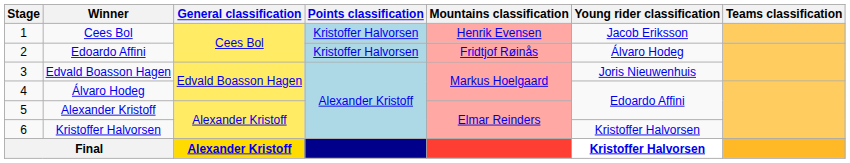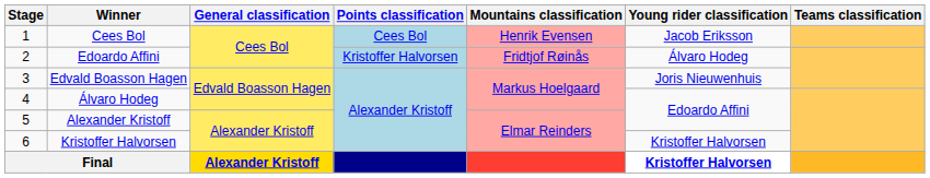 <table class="wikitable" style="text-align: center; font-size:smaller;">
 <tr style="background:#efefef;">
 <th scope="col">Stage</th>
 <th scope="col">Winner</th>
 <th scope="col"><a href='#'>General classification</a><br></th>
 <th scope="col"><a href='#'>Points classification</a><br></th>
 <th scope="col">Mountains classification<br></th>
 <th scope="col">Young rider classification<br></th>
 <th scope="col">Teams classification<br></th>
 </tr>
 <tr>
 <td scope="row">1</td>
 <td><a href='#'>Cees Bol</a></td>
 <td style="background:#FFEB64;" rowspan=2><a href='#'>Cees Bol</a></td>
-<td style="background:lightblue;"><a href='#'>Kristoffer Halvorsen</a></td>
+<td style="background:lightblue;"><a href='#'>Cees Bol</a></td>
 <td style="background:#FFA8A4;"><a href='#'>Henrik Evensen</a></td>
 <td style="background:offwhite;"><a href='#'>Jacob Eriksson</a></td>
 <td style="background:#FFCD5F;"></td>
 </tr>
 <tr>
 <td scope="row">2</td>
 <td><a href='#'>Edoardo Affini</a></td>
 <td style="background:lightblue;"><a href='#'>Kristoffer Halvorsen</a></td>
 <td style="background:#FFA8A4;"><a href='#'>Fridtjof Røinås</a></td>
 <td style="background:offwhite;"><a href='#'>Álvaro Hodeg</a></td>
 <td style="background:#FFCD5F;" rowspan=2></td>
 </tr>
 <tr>
 <td scope="row">3</td>
 <td><a href='#'>Edvald Boasson Hagen</a></td>
 <td style="background:#FFEB64;" rowspan=2><a href='#'>Edvald Boasson Hagen</a></td>
 <td style="background:lightblue;" rowspan=4><a href='#'>Alexander Kristoff</a></td>
 <td style="background:#FFA8A4;" rowspan=2><a href='#'>Markus Hoelgaard</a></td>
 <td style="background:offwhite;"><a href='#'>Joris Nieuwenhuis</a></td>
 </tr>
 <tr>
 <td scope="row">4</td>
 <td><a href='#'>Álvaro Hodeg</a></td>
 <td style="background:offwhite;" rowspan=2><a href='#'>Edoardo Affini</a></td>
 <td style="background:#FFCD5F;" rowspan=3></td>
 </tr>
 <tr>
 <td scope="row">5</td>
 <td><a href='#'>Alexander Kristoff</a></td>
 <td style="background:#FFEB64;" rowspan=2><a href='#'>Alexander Kristoff</a></td>
 <td style="background:#FFA8A4;" rowspan=2><a href='#'>Elmar Reinders</a></td>
 </tr>
 <tr>
 <td scope="row">6</td>
 <td><a href='#'>Kristoffer Halvorsen</a></td>
 <td style="background:offwhite;"><a href='#'>Kristoffer Halvorsen</a></td>
 </tr>
 <tr>
 <th colspan="2">Final</th>
 <th style="background:#FFDB00;"><a href='#'>Alexander Kristoff</a></th>
 <th style="background:darkblue;"></th>
 <th style="background:#FF3E33;"></th>
 <th style="background:white;"><a href='#'>Kristoffer Halvorsen</a></th>
 <th style="background:#FFB927;"></th>
 </tr>
 </table>
